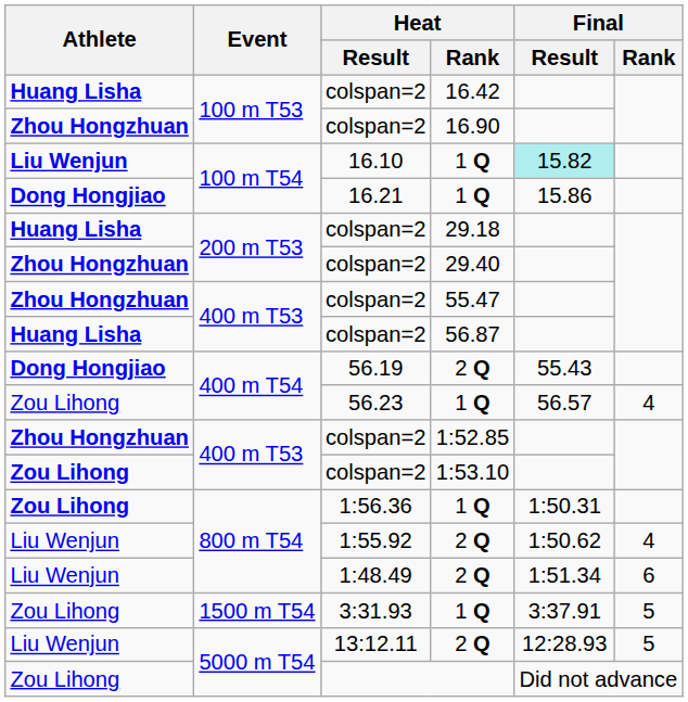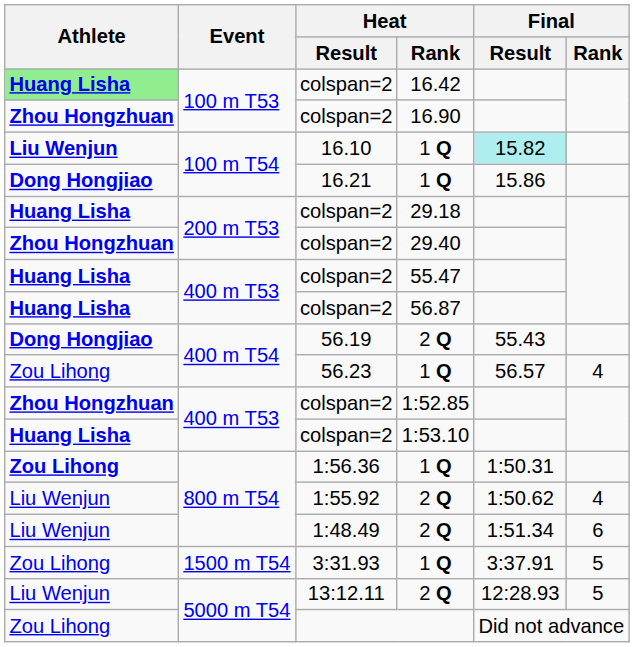 <table class="wikitable" style="text-align: center; font-size:90%">
 <tr>
 <th rowspan="2">Athlete</th>
 <th rowspan="2">Event</th>
 <th colspan="2">Heat</th>
 <th colspan="2">Final</th>
 </tr>
 <tr>
 <th>Result</th>
 <th>Rank</th>
 <th>Result</th>
 <th>Rank</th>
 </tr>
 <tr>
-<td align=left><strong><a href='#'>Huang Lisha</a></strong></td>
+<td align=left style="background: lightgreen;"><strong><a href='#'>Huang Lisha</a></strong></td>
 <td align=left rowspan=2><a href='#'>100 m T53</a></td>
 <td>colspan=2 </td>
 <td>16.42</td>
 <td></td>
 </tr>
 <tr>
 <td align=left><strong><a href='#'>Zhou Hongzhuan</a></strong></td>
 <td>colspan=2 </td>
 <td>16.90</td>
 <td></td>
 </tr>
 <tr>
 <td align=left><strong><a href='#'>Liu Wenjun</a></strong></td>
 <td align=left rowspan=2><a href='#'>100 m T54</a></td>
 <td>16.10 </td>
 <td>1 <strong>Q</strong></td>
 <td style="background: paleturquoise;">15.82 </td>
 <td></td>
 </tr>
 <tr>
 <td align=left><strong><a href='#'>Dong Hongjiao</a></strong></td>
 <td>16.21</td>
 <td>1 <strong>Q</strong></td>
 <td>15.86</td>
 <td></td>
 </tr>
 <tr>
 <td align=left><strong><a href='#'>Huang Lisha</a></strong></td>
 <td align=left rowspan=2><a href='#'>200 m T53</a></td>
 <td>colspan=2 </td>
 <td>29.18</td>
 <td></td>
 </tr>
 <tr>
 <td align=left><strong><a href='#'>Zhou Hongzhuan</a></strong></td>
 <td>colspan=2 </td>
 <td>29.40</td>
 <td></td>
 </tr>
 <tr>
-<td align=left><strong><a href='#'>Zhou Hongzhuan</a></strong></td>
+<td align=left><strong><a href='#'>Huang Lisha</a></strong></td>
 <td align=left rowspan=2><a href='#'>400 m T53</a></td>
 <td>colspan=2 </td>
 <td>55.47</td>
 <td></td>
 </tr>
 <tr>
 <td align=left><strong><a href='#'>Huang Lisha</a></strong></td>
 <td>colspan=2 </td>
 <td>56.87</td>
 <td></td>
 </tr>
 <tr>
 <td align=left><strong><a href='#'>Dong Hongjiao</a></strong></td>
 <td align=left rowspan=2><a href='#'>400 m T54</a></td>
 <td>56.19</td>
 <td>2 <strong>Q</strong></td>
 <td>55.43 </td>
 <td></td>
 </tr>
 <tr>
 <td align=left><a href='#'>Zou Lihong</a></td>
 <td>56.23</td>
 <td>1 <strong>Q</strong></td>
 <td>56.57</td>
 <td>4</td>
 </tr>
 <tr>
 <td align=left><strong><a href='#'>Zhou Hongzhuan</a></strong></td>
 <td align=left rowspan=2><a href='#'>400 m T53</a></td>
 <td>colspan=2 </td>
 <td>1:52.85 </td>
 <td></td>
 </tr>
 <tr>
-<td align=left><strong><a href='#'>Zou Lihong</a></strong></td>
+<td align=left><strong><a href='#'>Huang Lisha</a></strong></td>
 <td>colspan=2 </td>
 <td>1:53.10</td>
 <td></td>
 </tr>
 <tr>
 <td align=left><strong><a href='#'>Zou Lihong</a></strong></td>
 <td align=left rowspan=3><a href='#'>800 m T54</a></td>
 <td>1:56.36</td>
 <td>1 <strong>Q</strong></td>
 <td>1:50.31</td>
 <td></td>
 </tr>
 <tr>
 <td align=left><a href='#'>Liu Wenjun</a></td>
 <td>1:55.92</td>
 <td>2 <strong>Q</strong></td>
 <td>1:50.62</td>
 <td>4</td>
 </tr>
 <tr>
 <td align=left><a href='#'>Liu Wenjun</a></td>
 <td>1:48.49 </td>
 <td>2 <strong>Q</strong></td>
 <td>1:51.34</td>
 <td>6</td>
 </tr>
 <tr>
 <td align=left><a href='#'>Zou Lihong</a></td>
 <td align=left><a href='#'>1500 m T54</a></td>
 <td>3:31.93</td>
 <td>1 <strong>Q</strong></td>
 <td>3:37.91</td>
 <td>5</td>
 </tr>
 <tr>
 <td align=left><a href='#'>Liu Wenjun</a></td>
 <td align=left rowspan=2><a href='#'>5000 m T54</a></td>
 <td>13:12.11</td>
 <td>2 <strong>Q</strong></td>
 <td>12:28.93</td>
 <td>5</td>
 </tr>
 <tr>
 <td align=left><a href='#'>Zou Lihong</a></td>
 <td colspan=2></td>
 <td colspan=2>Did not advance</td>
 </tr>
 </table>
